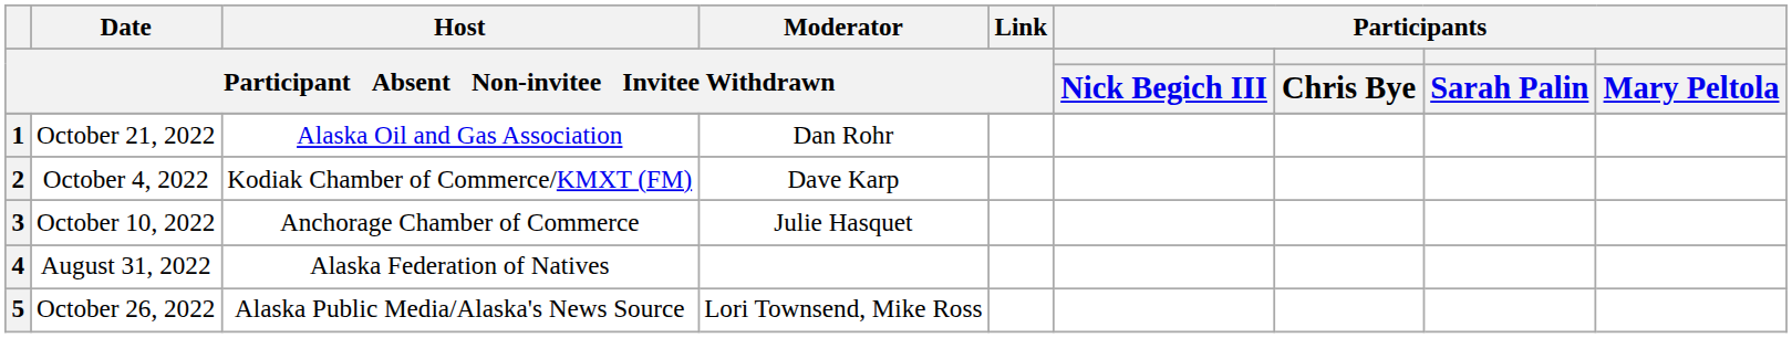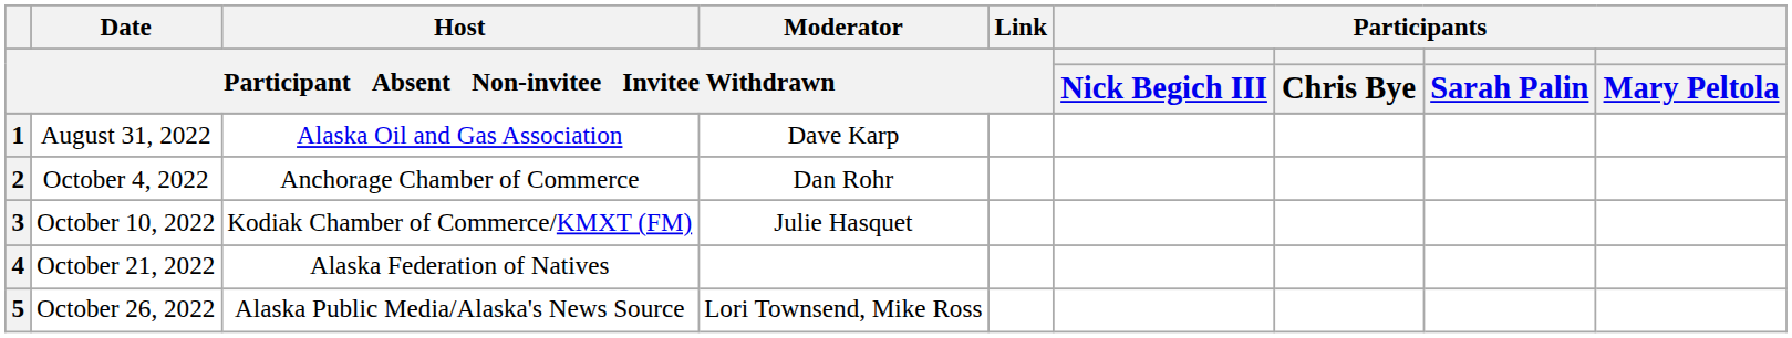 <table class="wikitable mw-collapsible"  style="text-align:center;">
 <tr style="font-size:small;">
 <th scope="col"></th>
 <th scope="col">Date</th>
 <th scope="col">Host</th>
 <th scope="col">Moderator</th>
 <th scope="col">Link</th>
 <th scope="col" colspan="4">Participants</th>
 </tr>
 <tr>
 <th colspan="5" rowspan="2"> <small>Participant  </small> <small>Absent  </small> <small>Non-invitee  </small> <small>Invitee Withdrawn</small></th>
 <th scope="col" style="background:"></th>
 <th scope="col" style="background:"></th>
 <th scope="col" style="background:"></th>
 <th scope="col" style="background:"></th>
 </tr>
 <tr>
 <th scope="col"><a href='#'>Nick Begich III</a></th>
 <th scope="col">Chris Bye</th>
 <th scope="col"><a href='#'>Sarah Palin</a></th>
 <th scole="col"><a href='#'>Mary Peltola</a></th>
 </tr>
 <tr>
 </tr>
 <tr style="background:#FFFFFF;font-size:small;">
 <th scope="row">1</th>
-<td>October 21, 2022</td>
+<td style="white-space:nowrap;">August 31, 2022</td>
 <td style="white-space:nowrap;"><a href='#'>Alaska Oil and Gas Association</a></td>
-<td>Dan Rohr</td>
+<td style="white-space:nowrap;">Dave Karp</td>
 <td style="white-space:nowrap;"></td>
 <td></td>
 <td></td>
 <td></td>
 <td></td>
 </tr>
 <tr style="background:#FFFFFF;font-size:small;">
 <th scope="row">2</th>
 <td>October 4, 2022</td>
-<td>Kodiak Chamber of Commerce/<a href='#'>KMXT (FM)</a></td>
-<td style="white-space:nowrap;">Dave Karp</td>
+<td>Anchorage Chamber of Commerce</td>
+<td>Dan Rohr</td>
 <td></td>
 <td></td>
 <td></td>
 <td></td>
 <td></td>
 </tr>
 <tr style="background:#FFFFFF;font-size:small;">
 <th scope="row">3</th>
 <td>October 10, 2022</td>
-<td>Anchorage Chamber of Commerce</td>
+<td>Kodiak Chamber of Commerce/<a href='#'>KMXT (FM)</a></td>
 <td>Julie Hasquet</td>
 <td></td>
 <td></td>
 <td></td>
 <td></td>
 <td></td>
 </tr>
 <tr style="background:#FFFFFF;font-size:small;">
 <th scope="row">4</th>
-<td style="white-space:nowrap;">August 31, 2022</td>
+<td>October 21, 2022</td>
 <td>Alaska Federation of Natives</td>
 <td></td>
 <td></td>
 <td></td>
 <td></td>
 <td></td>
 <td></td>
 </tr>
 <tr style="background:#FFFFFF;font-size:small;">
 <th scope="row">5</th>
 <td>October 26, 2022</td>
 <td>Alaska Public Media/Alaska's News Source</td>
 <td>Lori Townsend, Mike Ross</td>
 <td></td>
 <td></td>
 <td></td>
 <td></td>
 <td></td>
 </tr>
 </table>
